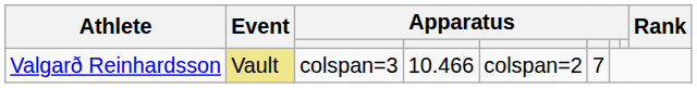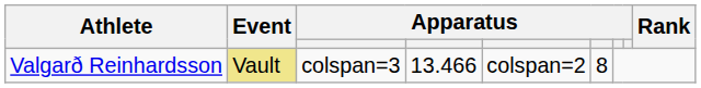 <table class="wikitable" style="font-size:90%">
 <tr>
 <th rowspan=2>Athlete</th>
 <th rowspan=2>Event</th>
 <th colspan =6>Apparatus</th>
 <th rowspan=2>Rank</th>
 </tr>
 <tr style="font-size:95%">
 <th></th>
 <th></th>
 <th></th>
 <th></th>
 <th></th>
 <th></th>
 </tr>
 <tr align=center>
 <td align=left><a href='#'>Valgarð Reinhardsson</a></td>
 <td align=left style="background: khaki;">Vault</td>
 <td>colspan=3</td>
-<td>10.466</td>
+<td>13.466</td>
 <td>colspan=2</td>
-<td>7</td>
+<td>8</td>
 </tr>
 </table>
